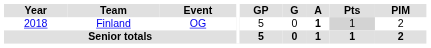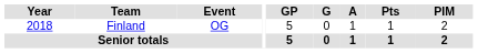 <table border="0" cellpadding="1" cellspacing="0" ID="Table3" style="text-align:center; width:40em">
 <tr ALIGN="center" bgcolor="#e0e0e0">
 <th>Year</th>
 <th>Team</th>
 <th>Event</th>
 <th rowspan="99" bgcolor="#ffffff"></th>
 <th>GP</th>
 <th>G</th>
 <th>A</th>
 <th>Pts</th>
 <th>PIM</th>
 </tr>
 <tr>
 <td><a href='#'>2018</a></td>
 <td><a href='#'>Finland</a></td>
 <td><a href='#'>OG</a></td>
 <td>5</td>
 <td>0</td>
-<td><strong>1</strong></td>
-<td style="background: lightgrey;">1</td>
+<td>1</td>
+<td>1</td>
 <td>2</td>
 </tr>
 <tr bgcolor="#e0e0e0">
 <th colspan=3>Senior totals</th>
 <th>5</th>
 <th>0</th>
 <th>1</th>
 <th>1</th>
 <th>2</th>
 </tr>
 </table>
